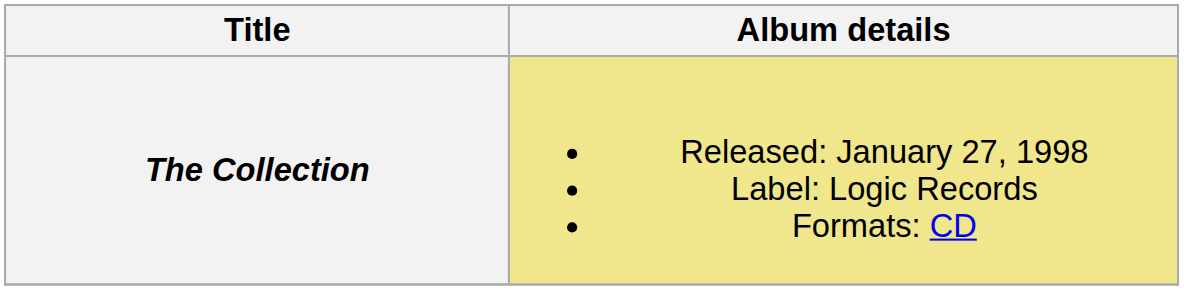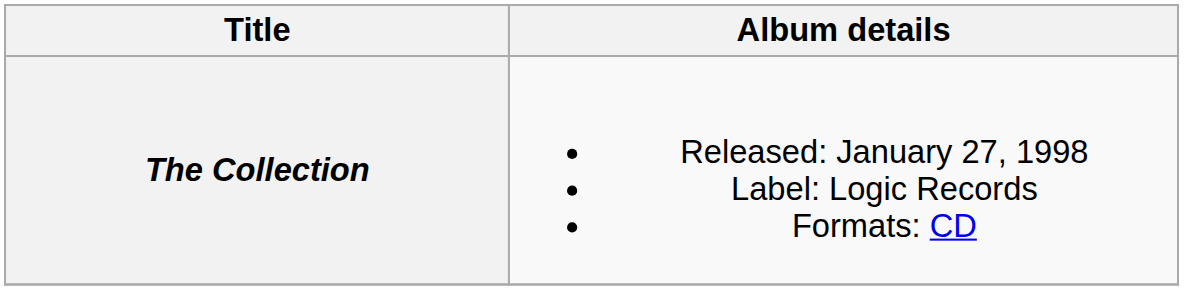 <table class="wikitable plainrowheaders" style="text-align:center;" border="1">
 <tr>
 <th scope="col" rowspan="1" style="width:15em;">Title</th>
 <th scope="col" rowspan="1" style="width:20em;">Album details</th>
 </tr>
 <tr>
 <th scope="row"><em>The Collection</em></th>
-<td style="background: khaki;"><br><ul><li>Released: January 27, 1998</li><li>Label: Logic Records</li><li>Formats: <a href='#'>CD</a></li></ul></td>
+<td><br><ul><li>Released: January 27, 1998</li><li>Label: Logic Records</li><li>Formats: <a href='#'>CD</a></li></ul></td>
 </tr>
 <tr>
 </tr>
 </table>
